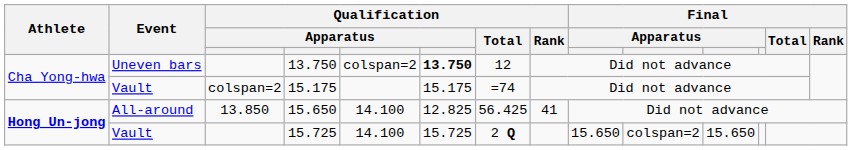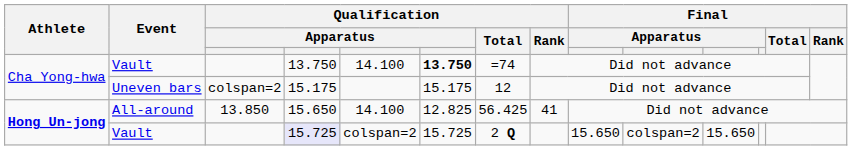 <table class="wikitable" style="font-size:90%">
 <tr>
 <th rowspan="3">Athlete</th>
 <th rowspan="3">Event</th>
 <th colspan=6>Qualification</th>
 <th colspan=6>Final</th>
 </tr>
 <tr style="font-size:95%">
 <th colspan=4>Apparatus</th>
 <th rowspan=2>Total</th>
 <th rowspan=2>Rank</th>
 <th colspan=4>Apparatus</th>
 <th rowspan=2>Total</th>
 <th rowspan=2>Rank</th>
 </tr>
 <tr style="font-size:95%">
 <th></th>
 <th></th>
 <th></th>
 <th></th>
 <th></th>
 <th></th>
 <th></th>
 <th></th>
 </tr>
 <tr align=center>
 <td align=left rowspan=2><a href='#'>Cha Yong-hwa</a></td>
-<td align=left><a href='#'>Uneven bars</a></td>
+<td align=left><a href='#'>Vault</a></td>
 <td></td>
 <td>13.750</td>
-<td>colspan=2 </td>
+<td>14.100</td>
 <td><strong>13.750</strong></td>
-<td>12</td>
+<td>=74</td>
 <td colspan=6>Did not advance</td>
 </tr>
 <tr align=center>
-<td align=left><a href='#'>Vault</a></td>
+<td align=left><a href='#'>Uneven bars</a></td>
 <td>colspan=2 </td>
 <td>15.175</td>
 <td></td>
 <td>15.175</td>
-<td>=74</td>
+<td>12</td>
 <td colspan=6>Did not advance</td>
 </tr>
 <tr align=center>
 <td align=left rowspan=2><strong><a href='#'>Hong Un-jong</a></strong></td>
 <td align=left><a href='#'>All-around</a></td>
 <td>13.850</td>
 <td>15.650</td>
 <td>14.100</td>
 <td>12.825</td>
 <td>56.425</td>
 <td>41</td>
 <td colspan=6>Did not advance</td>
 </tr>
 <tr align=center>
 <td align=left><a href='#'>Vault</a></td>
 <td></td>
-<td>15.725</td>
-<td>14.100</td>
+<td style="background: lavender;">15.725</td>
+<td>colspan=2 </td>
 <td>15.725</td>
 <td>2 <strong>Q</strong></td>
 <td></td>
 <td>15.650</td>
 <td>colspan=2 </td>
 <td>15.650</td>
 <td></td>
 </tr>
 </table>
